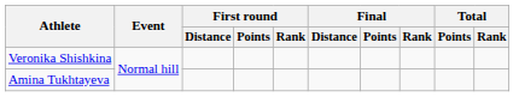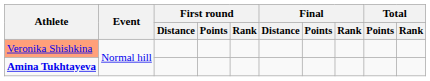 <table class="wikitable" style="font-size:90%">
 <tr>
 <th rowspan=2>Athlete</th>
 <th rowspan=2>Event</th>
 <th colspan=3>First round</th>
 <th colspan=3>Final</th>
 <th colspan=2>Total</th>
 </tr>
 <tr style="font-size:95%">
 <th>Distance</th>
 <th>Points</th>
 <th>Rank</th>
 <th>Distance</th>
 <th>Points</th>
 <th>Rank</th>
 <th>Points</th>
 <th>Rank</th>
 </tr>
 <tr align=center>
-<td align=left><a href='#'>Veronika Shishkina</a></td>
+<td align=left style="background: lightsalmon;"><a href='#'>Veronika Shishkina</a></td>
 <td align=left rowspan=2><a href='#'>Normal hill</a></td>
 <td></td>
 <td></td>
 <td></td>
 <td></td>
 <td></td>
 <td></td>
 <td></td>
 <td></td>
 </tr>
 <tr align=center>
-<td align=left><a href='#'>Amina Tukhtayeva</a></td>
+<td align=left><strong><a href='#'>Amina Tukhtayeva</a></strong></td>
 <td></td>
 <td></td>
 <td></td>
 <td></td>
 <td></td>
 <td></td>
 <td></td>
 <td></td>
 </tr>
 </table>
